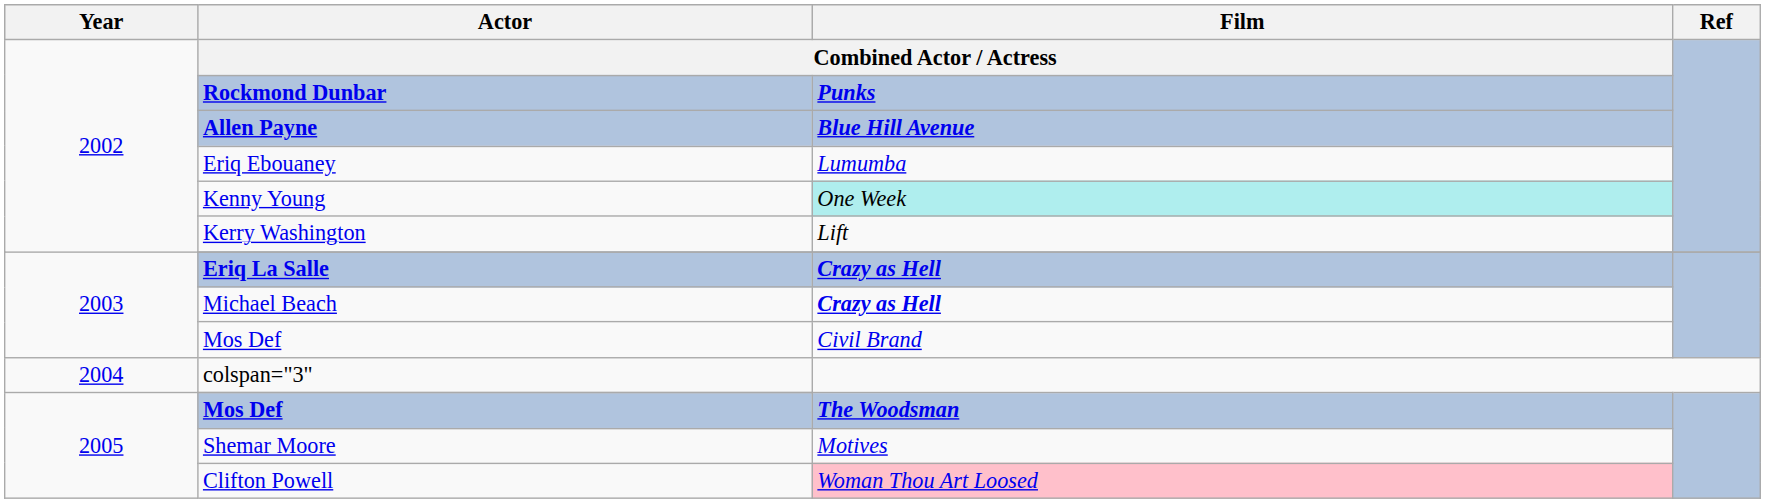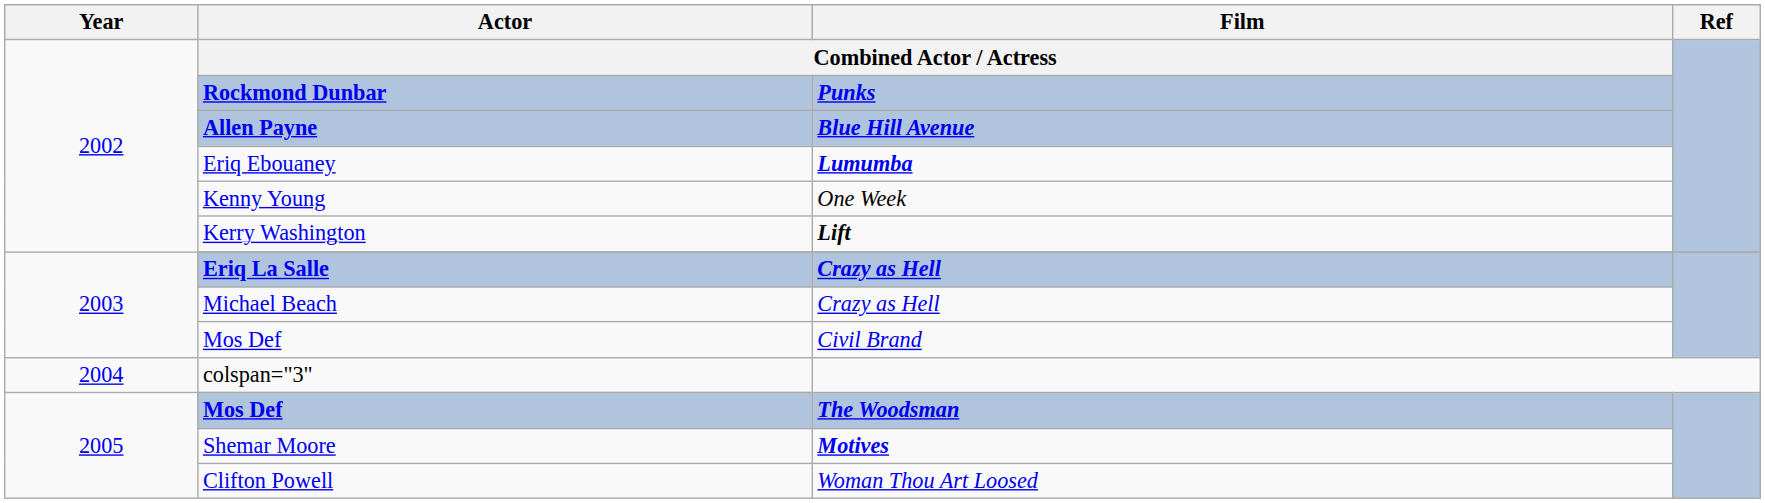 <table class="wikitable" style="width:100%;">
 <tr style="background:#bebebe;">
 <th style="width:11%;">Year</th>
 <th style="width:35%;">Actor</th>
 <th style="width:49%;">Film</th>
 <th style="width:5%;">Ref</th>
 </tr>
 <tr>
 <td rowspan="6" align="center"><a href='#'>2002</a></td>
 <th colspan="2">Combined Actor / Actress</th>
 <td rowspan="6" align="center" style="background:#B0C4DE"></td>
 </tr>
 <tr style="background:#B0C4DE">
 <td><strong><a href='#'>Rockmond Dunbar</a></strong></td>
 <td><strong><em><a href='#'>Punks</a></em></strong></td>
 </tr>
 <tr style="background:#B0C4DE">
 <td><strong><a href='#'>Allen Payne</a></strong></td>
 <td><strong><em><a href='#'>Blue Hill Avenue</a></em></strong></td>
 </tr>
 <tr>
 <td><a href='#'>Eriq Ebouaney</a></td>
-<td><em><a href='#'>Lumumba</a></em></td>
+<td><strong><em><a href='#'>Lumumba</a></em></strong></td>
 </tr>
 <tr>
 <td><a href='#'>Kenny Young</a></td>
-<td style="background: paleturquoise;"><em>One Week</em></td>
+<td><em>One Week</em></td>
 </tr>
 <tr>
 <td><a href='#'>Kerry Washington</a></td>
-<td><em>Lift</em></td>
+<td><strong><em>Lift</em></strong></td>
 </tr>
 <tr>
 <td rowspan="4" align="center"><a href='#'>2003</a></td>
 </tr>
 <tr style="background:#B0C4DE">
 <td><strong><a href='#'>Eriq La Salle</a></strong></td>
 <td><strong><em><a href='#'>Crazy as Hell</a></em></strong></td>
 <td rowspan="3" align="center"></td>
 </tr>
 <tr>
 <td><a href='#'>Michael Beach</a></td>
-<td><strong><em><a href='#'>Crazy as Hell</a></em></strong></td>
+<td><em><a href='#'>Crazy as Hell</a></em></td>
 </tr>
 <tr>
 <td><a href='#'>Mos Def</a></td>
 <td><em><a href='#'>Civil Brand</a></em></td>
 </tr>
 <tr>
 <td align="center"><a href='#'>2004</a></td>
 <td>colspan="3" </td>
 </tr>
 <tr>
 <td rowspan="4" align="center"><a href='#'>2005</a></td>
 </tr>
 <tr style="background:#B0C4DE">
 <td><strong><a href='#'>Mos Def</a></strong></td>
 <td><strong><em><a href='#'>The Woodsman</a></em></strong></td>
 <td rowspan="4" align="center"></td>
 </tr>
 <tr>
 <td><a href='#'>Shemar Moore</a></td>
-<td><em><a href='#'>Motives</a></em></td>
+<td><strong><em><a href='#'>Motives</a></em></strong></td>
 </tr>
 <tr>
 <td><a href='#'>Clifton Powell</a></td>
-<td style="background: pink;"><em><a href='#'>Woman Thou Art Loosed</a></em></td>
+<td><em><a href='#'>Woman Thou Art Loosed</a></em></td>
 </tr>
 </table>
